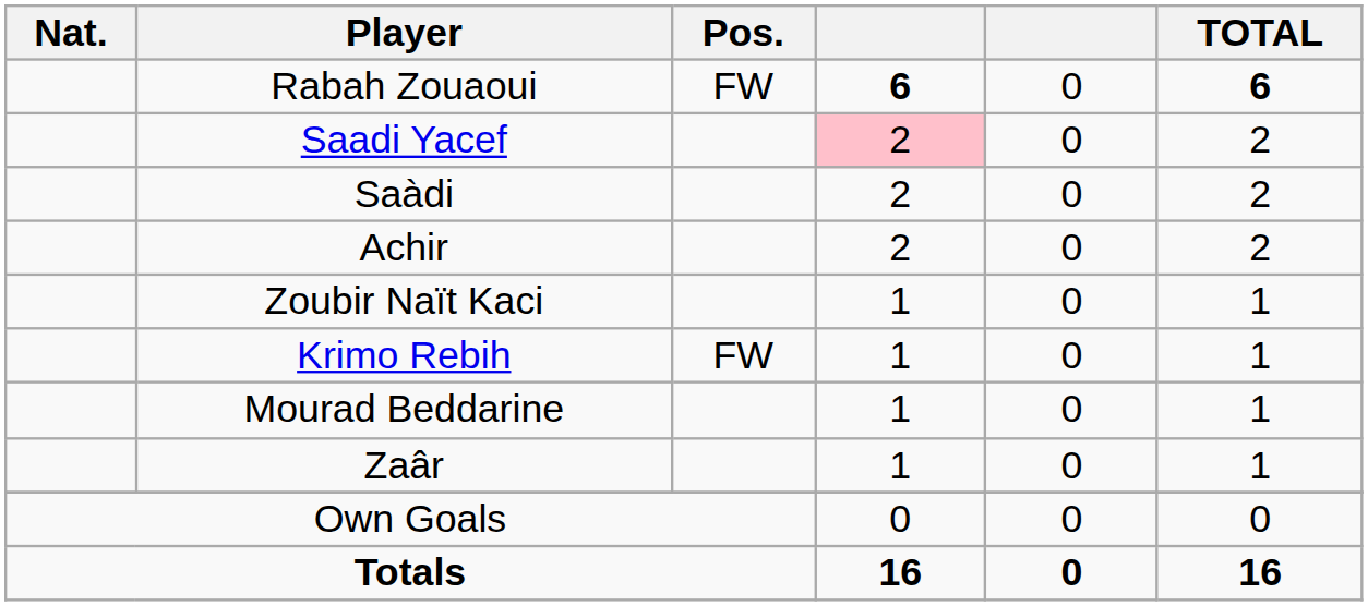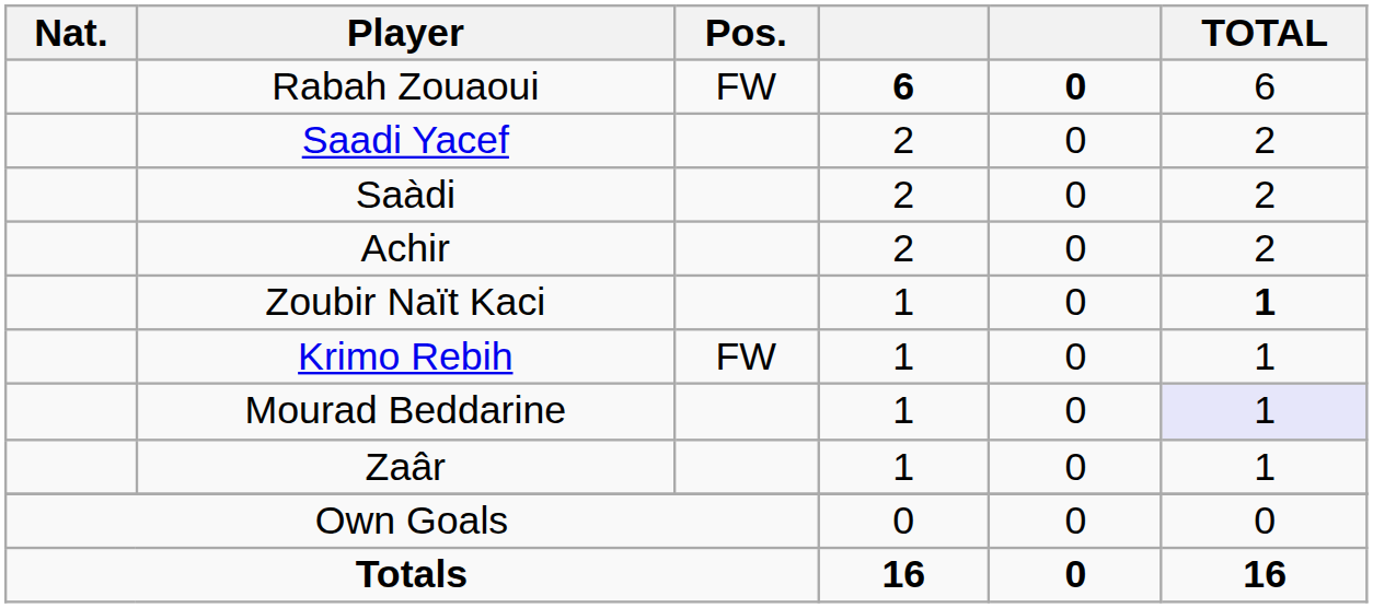 <table class="wikitable sortable alternance"  style="font-size:95%; text-align:center; line-height:14px; width:60%;">
 <tr>
 <th width=10>Nat.</th>
 <th width=140>Player</th>
 <th width=10>Pos.</th>
 <th width=40></th>
 <th width=40></th>
 <th width=10>TOTAL</th>
 </tr>
 <tr>
 <td></td>
 <td>Rabah Zouaoui</td>
 <td>FW</td>
 <td><strong>6</strong></td>
-<td>0</td>
-<td><strong>6</strong></td>
+<td><strong>0</strong></td>
+<td>6</td>
 </tr>
 <tr>
 <td></td>
 <td><a href='#'>Saadi Yacef</a></td>
 <td></td>
-<td style="background: pink;">2</td>
+<td>2</td>
 <td>0</td>
 <td>2</td>
 </tr>
 <tr>
 <td></td>
 <td>Saàdi</td>
 <td></td>
 <td>2</td>
 <td>0</td>
 <td>2</td>
 </tr>
 <tr>
 <td></td>
 <td>Achir</td>
 <td></td>
 <td>2</td>
 <td>0</td>
 <td>2</td>
 </tr>
 <tr>
 <td></td>
 <td>Zoubir Naït Kaci</td>
 <td></td>
 <td>1</td>
 <td>0</td>
-<td>1</td>
+<td><strong>1</strong></td>
 </tr>
 <tr>
 <td></td>
 <td><a href='#'>Krimo Rebih</a></td>
 <td>FW</td>
 <td>1</td>
 <td>0</td>
 <td>1</td>
 </tr>
 <tr>
 <td></td>
 <td>Mourad Beddarine</td>
 <td></td>
 <td>1</td>
 <td>0</td>
-<td>1</td>
+<td style="background: lavender;">1</td>
 </tr>
 <tr>
 <td></td>
 <td>Zaâr</td>
 <td></td>
 <td>1</td>
 <td>0</td>
 <td>1</td>
 </tr>
 <tr>
 </tr>
 <tr class="sortbottom">
 <td colspan="3">Own Goals</td>
 <td>0</td>
 <td>0</td>
 <td>0</td>
 </tr>
 <tr class="sortbottom">
 <td colspan="3"><strong>Totals</strong></td>
 <td><strong>16</strong></td>
 <td><strong>0</strong></td>
 <td><strong>16</strong></td>
 </tr>
 </table>
